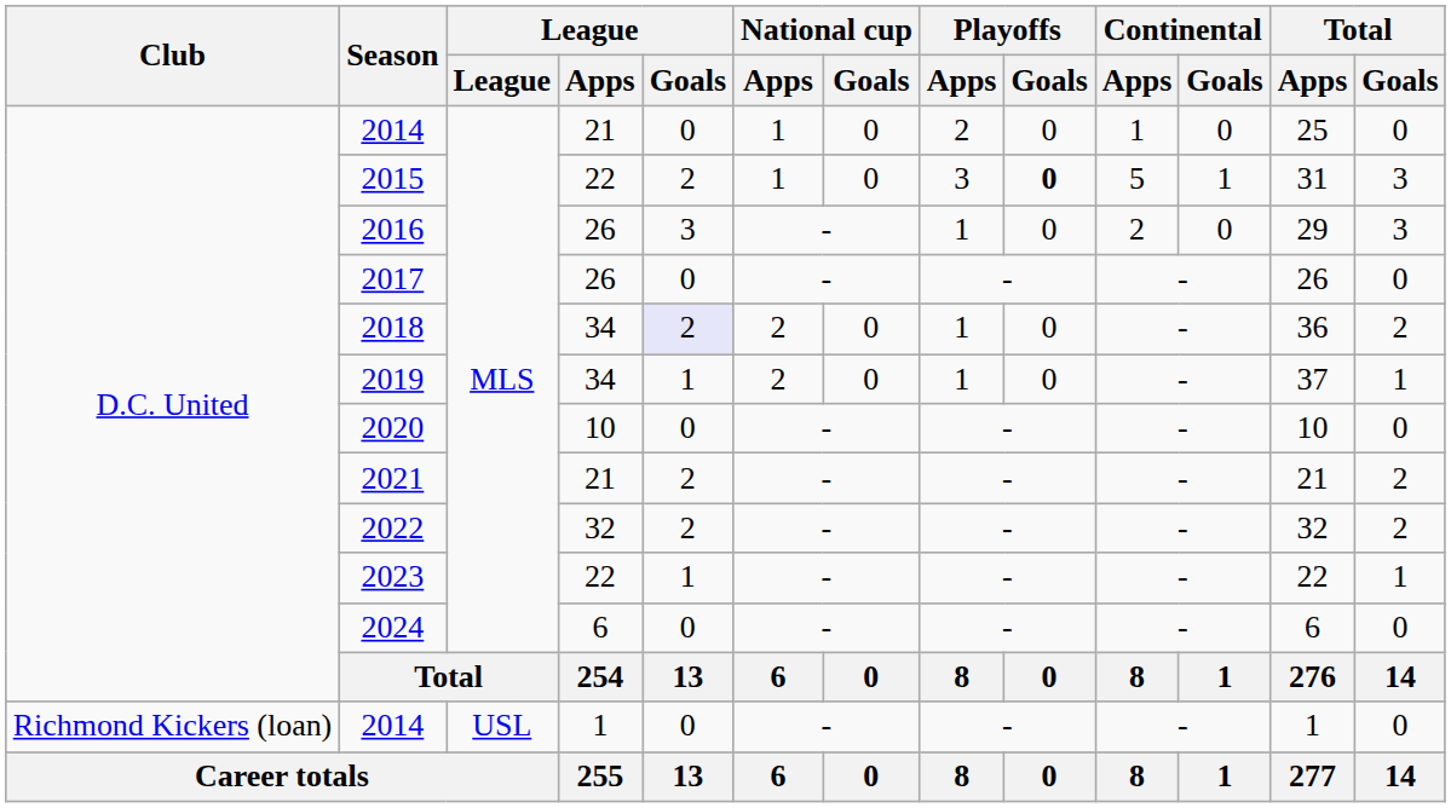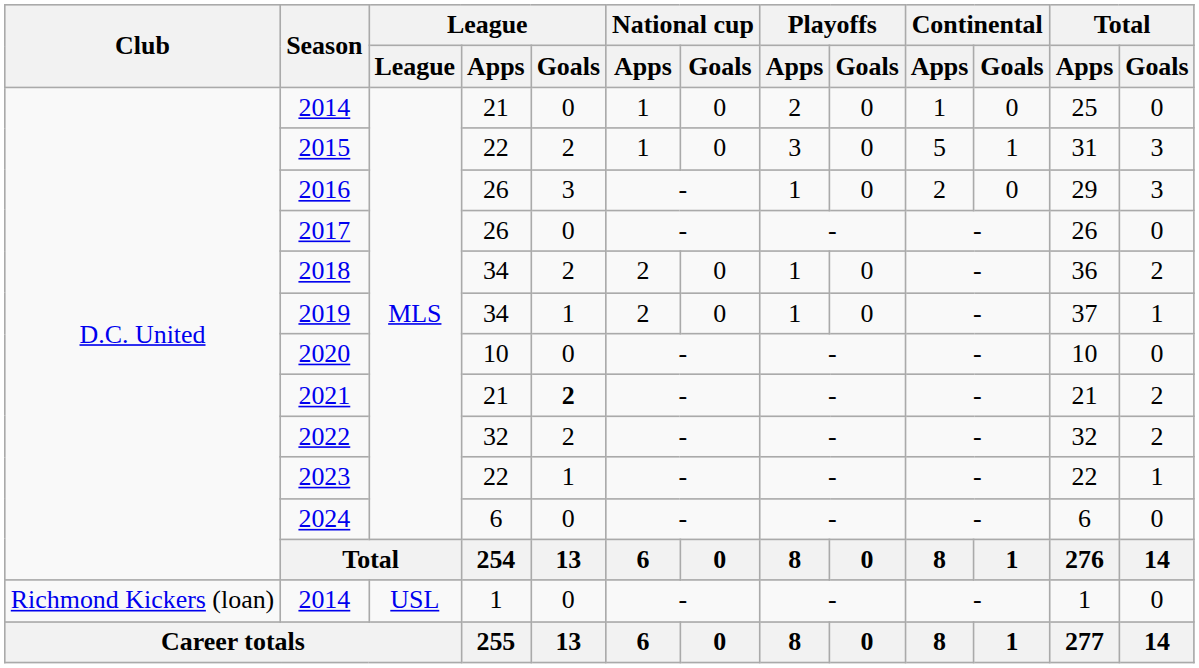 <table class="wikitable" Style="text-align: center">
 <tr>
 <th rowspan="2">Club</th>
 <th rowspan="2">Season</th>
 <th colspan="3">League</th>
 <th colspan="2">National cup</th>
 <th colspan="2">Playoffs</th>
 <th colspan="2">Continental</th>
 <th colspan="2">Total</th>
 </tr>
 <tr>
 <th>League</th>
 <th>Apps</th>
 <th>Goals</th>
 <th>Apps</th>
 <th>Goals</th>
 <th>Apps</th>
 <th>Goals</th>
 <th>Apps</th>
 <th>Goals</th>
 <th>Apps</th>
 <th>Goals</th>
 </tr>
 <tr>
 <td rowspan="12"><a href='#'>D.C. United</a></td>
 <td><a href='#'>2014</a></td>
 <td rowspan="11"><a href='#'>MLS</a></td>
 <td>21</td>
 <td>0</td>
 <td>1</td>
 <td>0</td>
 <td>2</td>
 <td>0</td>
 <td>1</td>
 <td>0</td>
 <td>25</td>
 <td>0</td>
 </tr>
 <tr>
 <td><a href='#'>2015</a></td>
 <td>22</td>
 <td>2</td>
 <td>1</td>
 <td>0</td>
 <td>3</td>
-<td><strong>0</strong></td>
+<td>0</td>
 <td>5</td>
 <td>1</td>
 <td>31</td>
 <td>3</td>
 </tr>
 <tr>
 <td><a href='#'>2016</a></td>
 <td>26</td>
 <td>3</td>
 <td colspan="2">-</td>
 <td>1</td>
 <td>0</td>
 <td>2</td>
 <td>0</td>
 <td>29</td>
 <td>3</td>
 </tr>
 <tr>
 <td><a href='#'>2017</a></td>
 <td>26</td>
 <td>0</td>
 <td colspan="2">-</td>
 <td colspan="2">-</td>
 <td colspan="2">-</td>
 <td>26</td>
 <td>0</td>
 </tr>
 <tr>
 <td><a href='#'>2018</a></td>
 <td>34</td>
-<td style="background: lavender;">2</td>
+<td>2</td>
 <td>2</td>
 <td>0</td>
 <td>1</td>
 <td>0</td>
 <td colspan="2">-</td>
 <td>36</td>
 <td>2</td>
 </tr>
 <tr>
 <td><a href='#'>2019</a></td>
 <td>34</td>
 <td>1</td>
 <td>2</td>
 <td>0</td>
 <td>1</td>
 <td>0</td>
 <td colspan="2">-</td>
 <td>37</td>
 <td>1</td>
 </tr>
 <tr>
 <td><a href='#'>2020</a></td>
 <td>10</td>
 <td>0</td>
 <td colspan="2">-</td>
 <td colspan="2">-</td>
 <td colspan="2">-</td>
 <td>10</td>
 <td>0</td>
 </tr>
 <tr>
 <td><a href='#'>2021</a></td>
 <td>21</td>
-<td>2</td>
+<td><strong>2</strong></td>
 <td colspan="2">-</td>
 <td colspan="2">-</td>
 <td colspan="2">-</td>
 <td>21</td>
 <td>2</td>
 </tr>
 <tr>
 <td><a href='#'>2022</a></td>
 <td>32</td>
 <td>2</td>
 <td colspan="2">-</td>
 <td colspan="2">-</td>
 <td colspan="2">-</td>
 <td>32</td>
 <td>2</td>
 </tr>
 <tr>
 <td><a href='#'>2023</a></td>
 <td>22</td>
 <td>1</td>
 <td colspan="2">-</td>
 <td colspan="2">-</td>
 <td colspan="2">-</td>
 <td>22</td>
 <td>1</td>
 </tr>
 <tr>
 <td><a href='#'>2024</a></td>
 <td>6</td>
 <td>0</td>
 <td colspan="2">-</td>
 <td colspan="2">-</td>
 <td colspan="2">-</td>
 <td>6</td>
 <td>0</td>
 </tr>
 <tr>
 <th colspan="2">Total</th>
 <th>254</th>
 <th>13</th>
 <th>6</th>
 <th>0</th>
 <th>8</th>
 <th>0</th>
 <th>8</th>
 <th>1</th>
 <th>276</th>
 <th>14</th>
 </tr>
 <tr>
 <td><a href='#'>Richmond Kickers</a> (loan)</td>
 <td><a href='#'>2014</a></td>
 <td><a href='#'>USL</a></td>
 <td>1</td>
 <td>0</td>
 <td colspan="2">-</td>
 <td colspan="2">-</td>
 <td colspan="2">-</td>
 <td>1</td>
 <td>0</td>
 </tr>
 <tr>
 <th colspan="3">Career totals</th>
 <th>255</th>
 <th>13</th>
 <th>6</th>
 <th>0</th>
 <th>8</th>
 <th>0</th>
 <th>8</th>
 <th>1</th>
 <th>277</th>
 <th>14</th>
 </tr>
 </table>
